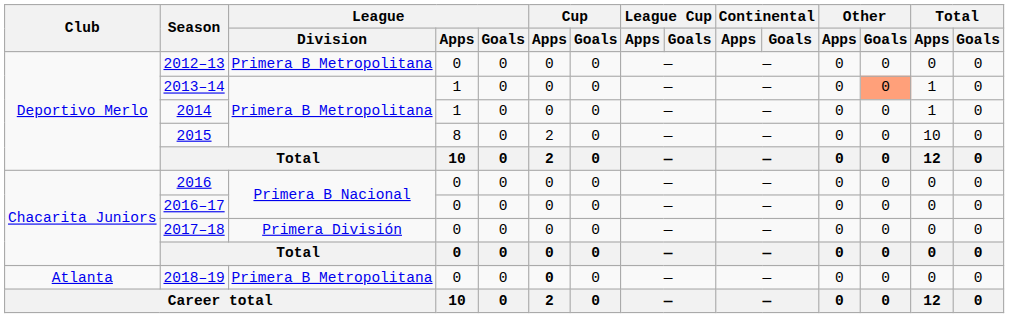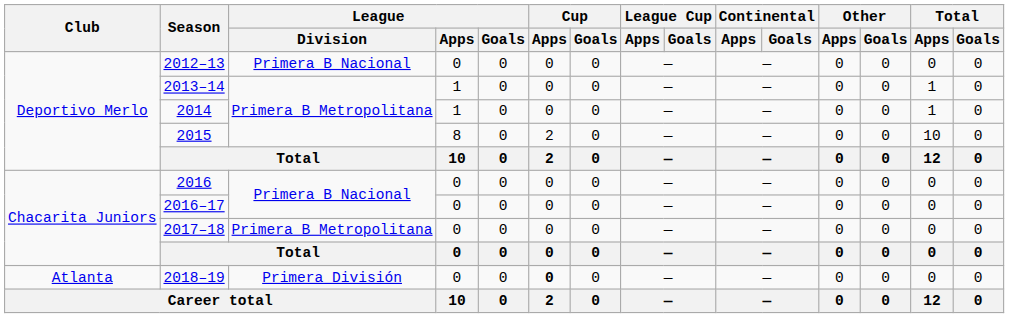 <table class="wikitable" style="text-align:center">
 <tr>
 <th rowspan="2">Club</th>
 <th rowspan="2">Season</th>
 <th colspan="3">League</th>
 <th colspan="2">Cup</th>
 <th colspan="2">League Cup</th>
 <th colspan="2">Continental</th>
 <th colspan="2">Other</th>
 <th colspan="2">Total</th>
 </tr>
 <tr>
 <th>Division</th>
 <th>Apps</th>
 <th>Goals</th>
 <th>Apps</th>
 <th>Goals</th>
 <th>Apps</th>
 <th>Goals</th>
 <th>Apps</th>
 <th>Goals</th>
 <th>Apps</th>
 <th>Goals</th>
 <th>Apps</th>
 <th>Goals</th>
 </tr>
 <tr>
 <td rowspan="5"><a href='#'>Deportivo Merlo</a></td>
 <td><a href='#'>2012–13</a></td>
-<td rowspan="1"><a href='#'>Primera B Metropolitana</a></td>
+<td rowspan="1"><a href='#'>Primera B Nacional</a></td>
 <td>0</td>
 <td>0</td>
 <td>0</td>
 <td>0</td>
 <td colspan="2">—</td>
 <td colspan="2">—</td>
 <td>0</td>
 <td>0</td>
 <td>0</td>
 <td>0</td>
 </tr>
 <tr>
 <td><a href='#'>2013–14</a></td>
 <td rowspan="3"><a href='#'>Primera B Metropolitana</a></td>
 <td>1</td>
 <td>0</td>
 <td>0</td>
 <td>0</td>
 <td colspan="2">—</td>
 <td colspan="2">—</td>
 <td>0</td>
-<td style="background: lightsalmon;">0</td>
+<td>0</td>
 <td>1</td>
 <td>0</td>
 </tr>
 <tr>
 <td><a href='#'>2014</a></td>
 <td>1</td>
 <td>0</td>
 <td>0</td>
 <td>0</td>
 <td colspan="2">—</td>
 <td colspan="2">—</td>
 <td>0</td>
 <td>0</td>
 <td>1</td>
 <td>0</td>
 </tr>
 <tr>
 <td><a href='#'>2015</a></td>
 <td>8</td>
 <td>0</td>
 <td>2</td>
 <td>0</td>
 <td colspan="2">—</td>
 <td colspan="2">—</td>
 <td>0</td>
 <td>0</td>
 <td>10</td>
 <td>0</td>
 </tr>
 <tr>
 <th colspan="2">Total</th>
 <th>10</th>
 <th>0</th>
 <th>2</th>
 <th>0</th>
 <th colspan="2">—</th>
 <th colspan="2">—</th>
 <th>0</th>
 <th>0</th>
 <th>12</th>
 <th>0</th>
 </tr>
 <tr>
 <td rowspan="4"><a href='#'>Chacarita Juniors</a></td>
 <td><a href='#'>2016</a></td>
 <td rowspan="2"><a href='#'>Primera B Nacional</a></td>
 <td>0</td>
 <td>0</td>
 <td>0</td>
 <td>0</td>
 <td colspan="2">—</td>
 <td colspan="2">—</td>
 <td>0</td>
 <td>0</td>
 <td>0</td>
 <td>0</td>
 </tr>
 <tr>
 <td><a href='#'>2016–17</a></td>
 <td>0</td>
 <td>0</td>
 <td>0</td>
 <td>0</td>
 <td colspan="2">—</td>
 <td colspan="2">—</td>
 <td>0</td>
 <td>0</td>
 <td>0</td>
 <td>0</td>
 </tr>
 <tr>
 <td><a href='#'>2017–18</a></td>
-<td rowspan="1"><a href='#'>Primera División</a></td>
+<td rowspan="1"><a href='#'>Primera B Metropolitana</a></td>
 <td>0</td>
 <td>0</td>
 <td>0</td>
 <td>0</td>
 <td colspan="2">—</td>
 <td colspan="2">—</td>
 <td>0</td>
 <td>0</td>
 <td>0</td>
 <td>0</td>
 </tr>
 <tr>
 <th colspan="2">Total</th>
 <th>0</th>
 <th>0</th>
 <th>0</th>
 <th>0</th>
 <th colspan="2">—</th>
 <th colspan="2">—</th>
 <th>0</th>
 <th>0</th>
 <th>0</th>
 <th>0</th>
 </tr>
 <tr>
 <td rowspan="1"><a href='#'>Atlanta</a></td>
 <td><a href='#'>2018–19</a></td>
-<td rowspan="1"><a href='#'>Primera B Metropolitana</a></td>
+<td rowspan="1"><a href='#'>Primera División</a></td>
 <td>0</td>
 <td>0</td>
 <td><strong>0</strong></td>
 <td>0</td>
 <td colspan="2">—</td>
 <td colspan="2">—</td>
 <td>0</td>
 <td>0</td>
 <td>0</td>
 <td>0</td>
 </tr>
 <tr>
 <th colspan="3">Career total</th>
 <th>10</th>
 <th>0</th>
 <th>2</th>
 <th>0</th>
 <th colspan="2">—</th>
 <th colspan="2">—</th>
 <th>0</th>
 <th>0</th>
 <th>12</th>
 <th>0</th>
 </tr>
 </table>
